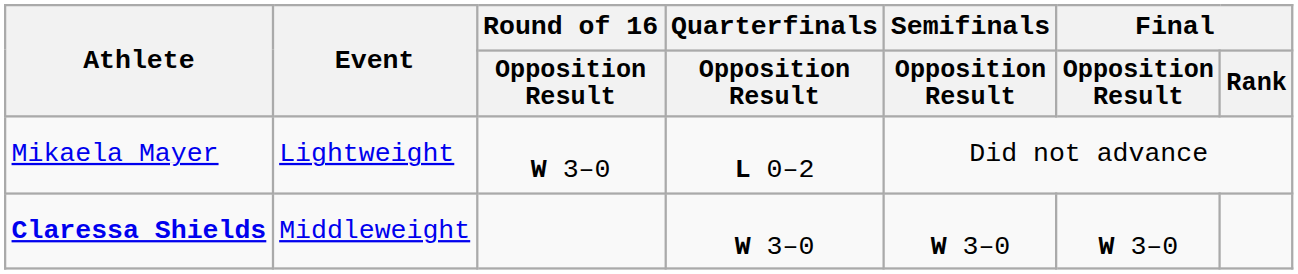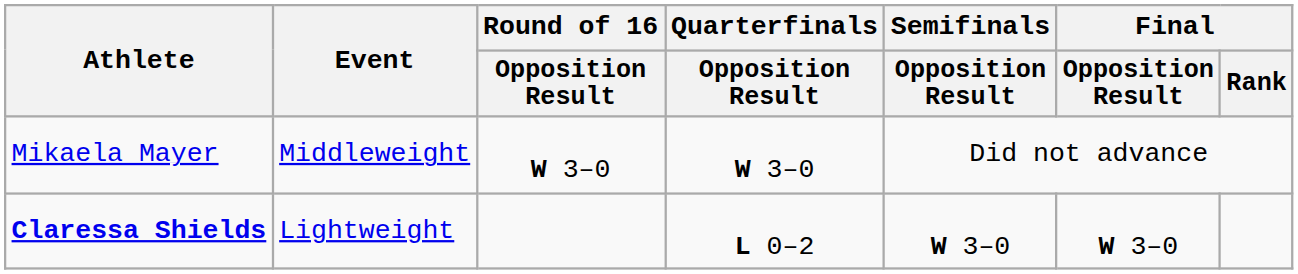 <table class=wikitable style=font-size:90%;text-align:center>
 <tr>
 <th rowspan=2>Athlete</th>
 <th rowspan=2>Event</th>
 <th>Round of 16</th>
 <th>Quarterfinals</th>
 <th>Semifinals</th>
 <th colspan=2>Final</th>
 </tr>
 <tr style=font-size:95%>
 <th>Opposition<br>Result</th>
 <th>Opposition<br>Result</th>
 <th>Opposition<br>Result</th>
 <th>Opposition<br>Result</th>
 <th>Rank</th>
 </tr>
 <tr>
 <td align=left><a href='#'>Mikaela Mayer</a></td>
-<td align=left><a href='#'>Lightweight</a></td>
+<td align=left><a href='#'>Middleweight</a></td>
 <td><br><strong>W</strong> 3–0</td>
-<td><br><strong>L</strong> 0–2</td>
+<td><br><strong>W</strong> 3–0</td>
 <td colspan=3>Did not advance</td>
 </tr>
 <tr>
 <td align=left><strong><a href='#'>Claressa Shields</a></strong></td>
-<td align=left><a href='#'>Middleweight</a></td>
+<td align=left><a href='#'>Lightweight</a></td>
 <td></td>
-<td><br><strong>W</strong> 3–0</td>
+<td><br><strong>L</strong> 0–2</td>
 <td><br><strong>W</strong> 3–0</td>
 <td><br><strong>W</strong> 3–0</td>
 <td></td>
 </tr>
 </table>
